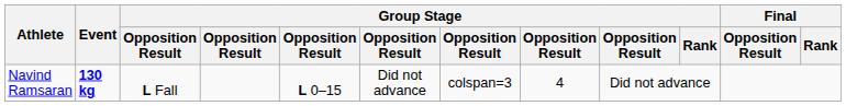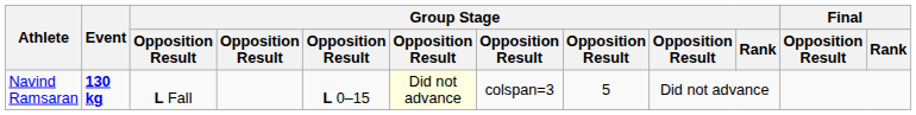 <table class=wikitable style="font-size:90%">
 <tr>
 <th rowspan="2">Athlete</th>
 <th rowspan="2">Event</th>
 <th colspan="8">Group Stage</th>
 <th colspan=2>Final</th>
 </tr>
 <tr>
 <th>Opposition<br>Result</th>
 <th>Opposition<br>Result</th>
 <th>Opposition<br>Result</th>
 <th>Opposition<br>Result</th>
 <th>Opposition<br>Result</th>
 <th>Opposition<br>Result</th>
 <th>Opposition<br>Result</th>
 <th>Rank</th>
 <th>Opposition<br>Result</th>
 <th>Rank</th>
 </tr>
 <tr align=center>
 <td align=left><a href='#'>Navind Ramsaran</a></td>
 <td align=left><strong><a href='#'>130 kg</a></strong></td>
 <td><br><strong>L</strong> Fall</td>
 <td></td>
 <td><br><strong>L</strong> 0–15</td>
-<td>Did not advance</td>
+<td style="background: lightyellow;">Did not advance</td>
 <td>colspan=3</td>
-<td>4</td>
+<td>5</td>
 <td colspan=2>Did not advance</td>
 </tr>
 </table>
